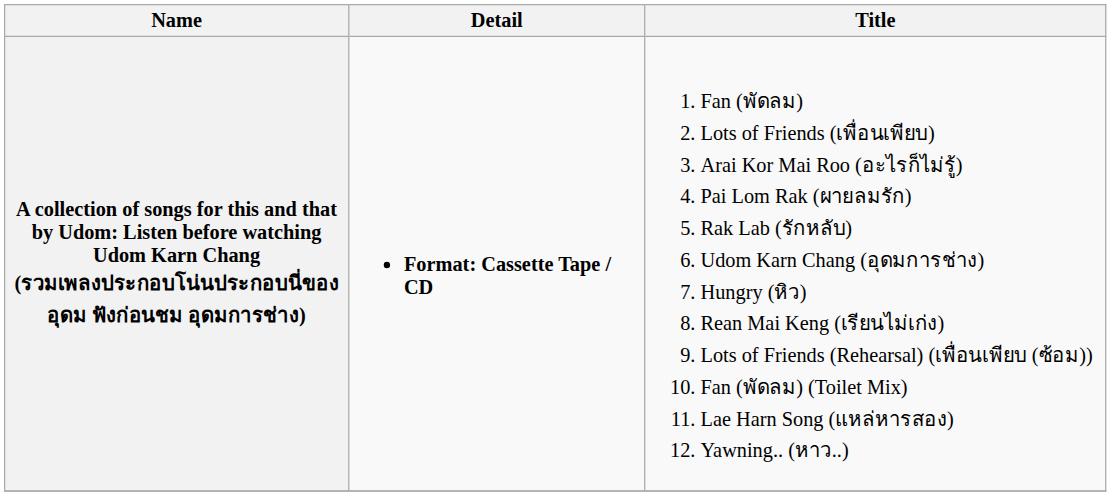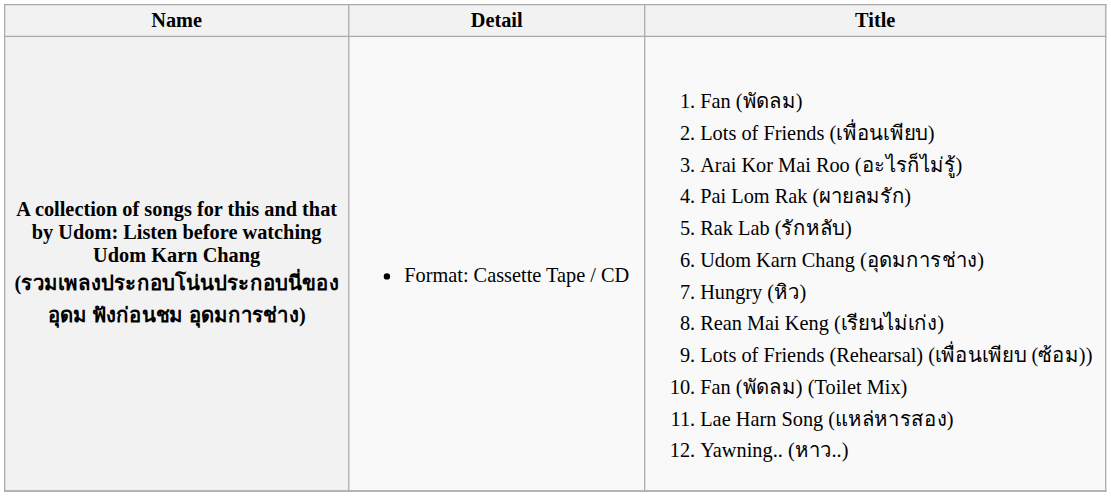 <table class="wikitable">
 <tr>
 <th width = "300px">Name</th>
 <th align = "left" width = "250px">Detail</th>
 <th align = "left"width = "400px">Title</th>
 </tr>
 <tr>
 <th>A collection of songs for this and that by Udom: Listen before watching Udom Karn Chang<br>(รวมเพลงประกอบโน่นประกอบนี่ของอุดม ฟังก่อนชม อุดมการช่าง)</th>
-<td><strong><br><ul><li>Format: Cassette Tape / CD</li></ul></strong></td>
+<td><br><ul><li>Format: Cassette Tape / CD</li></ul></td>
 <td><br><ol><li>Fan (พัดลม)</li><li>Lots of Friends (เพื่อนเพียบ)</li><li>Arai Kor Mai Roo (อะไรก็ไม่รู้)</li><li>Pai Lom Rak (ผายลมรัก)</li><li>Rak Lab (รักหลับ)</li><li>Udom Karn Chang (อุดมการช่าง)</li><li>Hungry (หิว)</li><li>Rean Mai Keng (เรียนไม่เก่ง)</li><li>Lots of Friends (Rehearsal) (เพื่อนเพียบ (ซ้อม))</li><li>Fan (พัดลม) (Toilet Mix)</li><li>Lae Harn Song (แหล่หารสอง)</li><li>Yawning.. (หาว..)</li></ol></td>
 </tr>
 <tr>
 </tr>
 </table>
